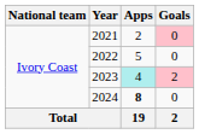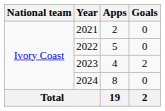 <table class="wikitable" style="text-align:center">
 <tr>
 <th>National team</th>
 <th>Year</th>
 <th>Apps</th>
 <th>Goals</th>
 </tr>
 <tr>
 <td rowspan="4"><a href='#'>Ivory Coast</a></td>
 <td>2021</td>
 <td>2</td>
-<td style="background: pink;">0</td>
+<td>0</td>
 </tr>
 <tr>
 <td>2022</td>
 <td>5</td>
 <td>0</td>
 </tr>
 <tr>
 <td>2023</td>
-<td style="background: paleturquoise;">4</td>
-<td style="background: pink;">2</td>
+<td>4</td>
+<td>2</td>
 </tr>
 <tr>
 <td>2024</td>
-<td><strong>8</strong></td>
+<td>8</td>
 <td>0</td>
 </tr>
 <tr>
 <th colspan=2>Total</th>
 <th>19</th>
 <th>2</th>
 </tr>
 </table>
